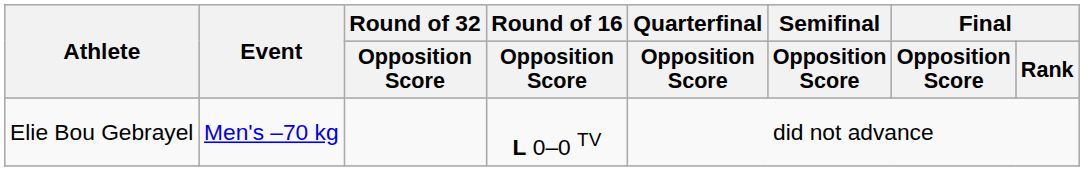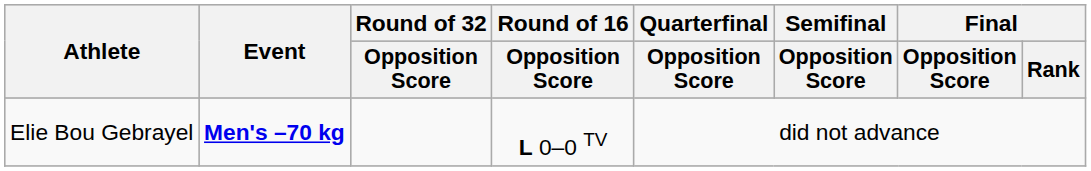 <table class=wikitable style=font-size:90%;text-align:center>
 <tr>
 <th rowspan=2>Athlete</th>
 <th rowspan=2>Event</th>
 <th>Round of 32</th>
 <th>Round of 16</th>
 <th>Quarterfinal</th>
 <th>Semifinal</th>
 <th colspan=2>Final</th>
 </tr>
 <tr style=font-size:95%>
 <th>Opposition<br>Score</th>
 <th>Opposition<br>Score</th>
 <th>Opposition<br>Score</th>
 <th>Opposition<br>Score</th>
 <th>Opposition<br>Score</th>
 <th>Rank</th>
 </tr>
 <tr>
 <td align=left>Elie Bou Gebrayel</td>
-<td align=left><a href='#'>Men's –70 kg</a></td>
+<td align=left><strong><a href='#'>Men's –70 kg</a></strong></td>
 <td></td>
 <td><br><strong>L</strong> 0–0 <sup>TV</sup></td>
 <td colspan=4>did not advance</td>
 </tr>
 </table>
